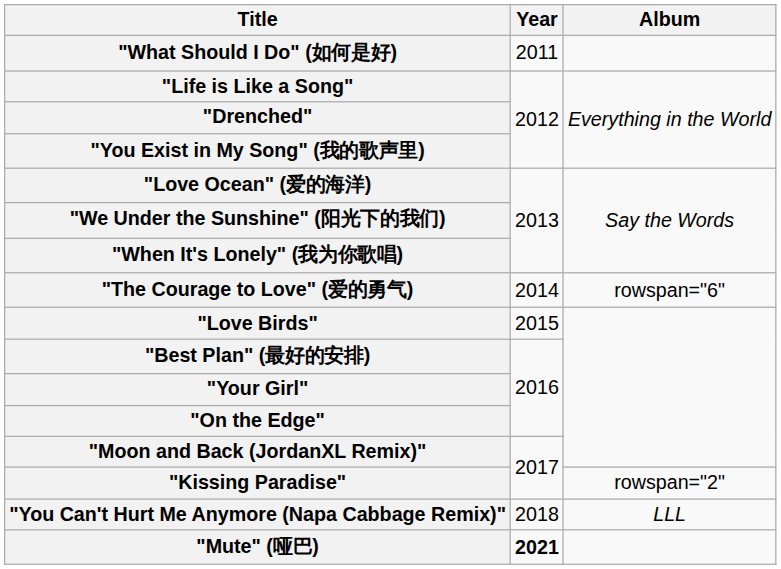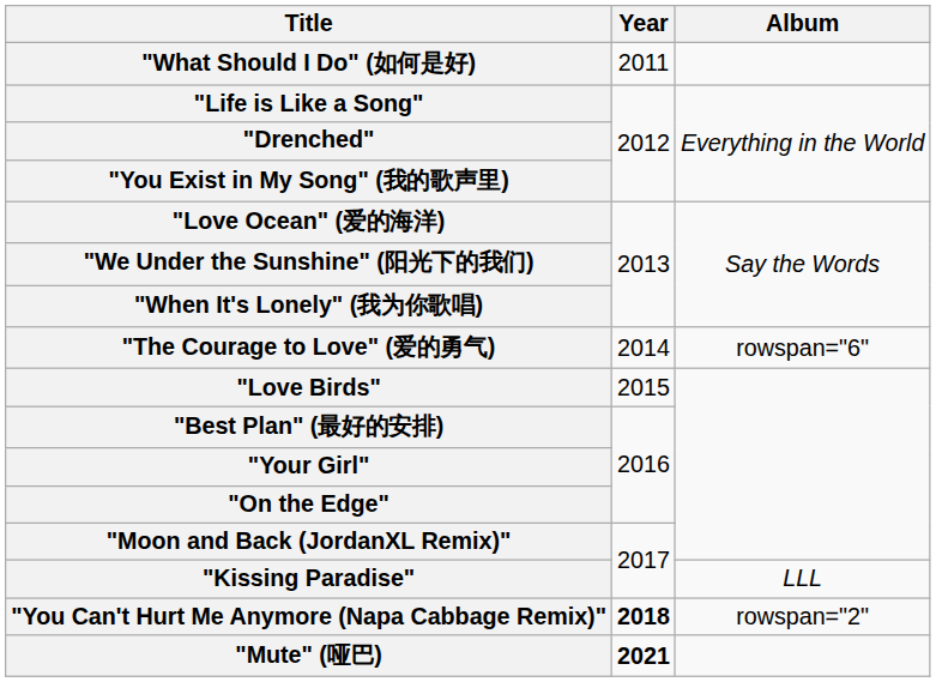 <table class="wikitable plainrowheaders" style="text-align:center;">
 <tr>
 <th rowspan="1" scope="col">Title</th>
 <th rowspan="1" scope="col">Year</th>
 <th rowspan="1" scope="col">Album</th>
 </tr>
 <tr>
 <th scope="row">"What Should I Do" (如何是好)</th>
 <td>2011</td>
 <td></td>
 </tr>
 <tr>
 <th scope="row">"Life is Like a Song"</th>
 <td rowspan="3">2012</td>
 <td rowspan="3"><em>Everything in the World</em></td>
 </tr>
 <tr>
 <th scope="row">"Drenched"</th>
 </tr>
 <tr>
 <th scope="row">"You Exist in My Song" (我的歌声里)</th>
 </tr>
 <tr>
 <th scope="row">"Love Ocean" (爱的海洋)</th>
 <td rowspan="3">2013</td>
 <td rowspan="3"><em>Say the Words</em></td>
 </tr>
 <tr>
 <th scope="row">"We Under the Sunshine" (阳光下的我们)</th>
 </tr>
 <tr>
 <th scope="row">"When It's Lonely" (我为你歌唱)</th>
 </tr>
 <tr>
 <th scope="row">"The Courage to Love" (爱的勇气)</th>
 <td>2014</td>
 <td>rowspan="6" </td>
 </tr>
 <tr>
 <th scope="row">"Love Birds"</th>
 <td>2015</td>
 </tr>
 <tr>
 <th scope="row">"Best Plan" (最好的安排)</th>
 <td rowspan="3">2016</td>
 </tr>
 <tr>
 <th scope="row">"Your Girl"</th>
 </tr>
 <tr>
 <th scope="row">"On the Edge"</th>
 </tr>
 <tr>
 <th scope="row">"Moon and Back (JordanXL Remix)"</th>
 <td rowspan="2">2017</td>
 </tr>
 <tr>
 <th scope="row">"Kissing Paradise"</th>
-<td>rowspan="2" </td>
+<td><em>LLL</em></td>
 </tr>
 <tr>
 <th scope="row">"You Can't Hurt Me Anymore (Napa Cabbage Remix)"</th>
-<td>2018</td>
-<td><em>LLL</em></td>
+<td><strong>2018</strong></td>
+<td>rowspan="2" </td>
 </tr>
 <tr>
 <th scope="row">"Mute" (哑巴)</th>
 <td><strong>2021</strong></td>
 </tr>
 </table>
